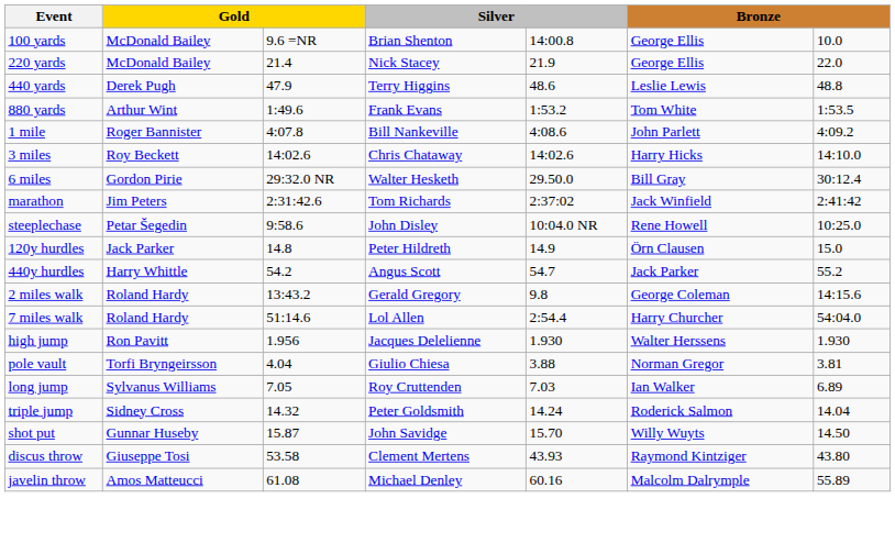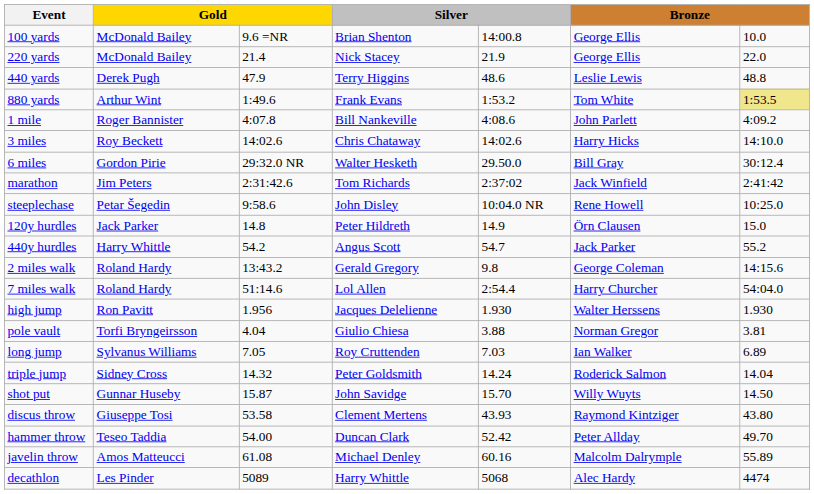 <table class="wikitable" style="text-align:left">
 <tr>
 <th width=100>Event</th>
 <th colspan="2" width="280" style="background:gold;">Gold</th>
 <th colspan="2" width="280" style="background:silver;">Silver</th>
 <th colspan="2" width="280" style="background:#CD7F32;">Bronze</th>
 </tr>
 <tr>
 <td><a href='#'>100 yards</a></td>
 <td><a href='#'>McDonald Bailey</a></td>
 <td>9.6 =NR</td>
 <td><a href='#'>Brian Shenton</a></td>
 <td>14:00.8</td>
 <td><a href='#'>George Ellis</a></td>
 <td>10.0</td>
 </tr>
 <tr>
 <td><a href='#'>220 yards</a></td>
 <td><a href='#'>McDonald Bailey</a></td>
 <td>21.4</td>
 <td><a href='#'>Nick Stacey</a></td>
 <td>21.9</td>
 <td><a href='#'>George Ellis</a></td>
 <td>22.0</td>
 </tr>
 <tr>
 <td><a href='#'>440 yards</a></td>
 <td><a href='#'>Derek Pugh</a></td>
 <td>47.9</td>
 <td><a href='#'>Terry Higgins</a></td>
 <td>48.6</td>
 <td><a href='#'>Leslie Lewis</a></td>
 <td>48.8</td>
 </tr>
 <tr>
 <td><a href='#'>880 yards</a></td>
 <td> <a href='#'>Arthur Wint</a></td>
 <td>1:49.6</td>
 <td><a href='#'>Frank Evans</a></td>
 <td>1:53.2</td>
 <td><a href='#'>Tom White</a></td>
-<td>1:53.5</td>
+<td style="background: khaki;">1:53.5</td>
 </tr>
 <tr>
 <td><a href='#'>1 mile</a></td>
 <td><a href='#'>Roger Bannister</a></td>
 <td>4:07.8</td>
 <td><a href='#'>Bill Nankeville</a></td>
 <td>4:08.6</td>
 <td><a href='#'>John Parlett</a></td>
 <td>4:09.2</td>
 </tr>
 <tr>
 <td><a href='#'>3 miles</a></td>
 <td><a href='#'>Roy Beckett</a></td>
 <td>14:02.6</td>
 <td><a href='#'>Chris Chataway</a></td>
 <td>14:02.6</td>
 <td><a href='#'>Harry Hicks</a></td>
 <td>14:10.0</td>
 </tr>
 <tr>
 <td><a href='#'>6 miles</a></td>
 <td><a href='#'>Gordon Pirie</a></td>
 <td>29:32.0 NR</td>
 <td><a href='#'>Walter Hesketh</a></td>
 <td>29.50.0</td>
 <td><a href='#'>Bill Gray</a></td>
 <td>30:12.4</td>
 </tr>
 <tr>
 <td><a href='#'>marathon</a></td>
 <td><a href='#'>Jim Peters</a></td>
 <td>2:31:42.6</td>
 <td> <a href='#'>Tom Richards</a></td>
 <td>2:37:02</td>
 <td><a href='#'>Jack Winfield</a></td>
 <td>2:41:42</td>
 </tr>
 <tr>
 <td><a href='#'>steeplechase</a></td>
 <td> <a href='#'>Petar Šegedin</a></td>
 <td>9:58.6</td>
 <td> <a href='#'>John Disley</a></td>
 <td>10:04.0 NR</td>
 <td><a href='#'>Rene Howell</a></td>
 <td>10:25.0</td>
 </tr>
 <tr>
 <td><a href='#'>120y hurdles</a></td>
 <td><a href='#'>Jack Parker</a></td>
 <td>14.8</td>
 <td><a href='#'>Peter Hildreth</a></td>
 <td>14.9</td>
 <td> <a href='#'>Örn Clausen</a></td>
 <td>15.0</td>
 </tr>
 <tr>
 <td><a href='#'>440y hurdles</a></td>
 <td><a href='#'>Harry Whittle</a></td>
 <td>54.2</td>
 <td><a href='#'>Angus Scott</a></td>
 <td>54.7</td>
 <td><a href='#'>Jack Parker</a></td>
 <td>55.2</td>
 </tr>
 <tr>
 <td><a href='#'>2 miles walk</a></td>
 <td><a href='#'>Roland Hardy</a></td>
 <td>13:43.2</td>
 <td><a href='#'>Gerald Gregory</a></td>
 <td>9.8</td>
 <td><a href='#'>George Coleman</a></td>
 <td>14:15.6</td>
 </tr>
 <tr>
 <td><a href='#'>7 miles walk</a></td>
 <td><a href='#'>Roland Hardy</a></td>
 <td>51:14.6</td>
 <td><a href='#'>Lol Allen</a></td>
 <td>2:54.4</td>
 <td><a href='#'>Harry Churcher</a></td>
 <td>54:04.0</td>
 </tr>
 <tr>
 <td><a href='#'>high jump</a></td>
 <td><a href='#'>Ron Pavitt</a></td>
 <td>1.956</td>
 <td> <a href='#'>Jacques Delelienne</a></td>
 <td>1.930</td>
 <td> <a href='#'>Walter Herssens</a></td>
 <td>1.930</td>
 </tr>
 <tr>
 <td><a href='#'>pole vault</a></td>
 <td> <a href='#'>Torfi Bryngeirsson</a></td>
 <td>4.04</td>
 <td> <a href='#'>Giulio Chiesa</a></td>
 <td>3.88</td>
 <td> <a href='#'>Norman Gregor</a></td>
 <td>3.81</td>
 </tr>
 <tr>
 <td><a href='#'>long jump</a></td>
 <td> <a href='#'>Sylvanus Williams</a></td>
 <td>7.05</td>
 <td><a href='#'>Roy Cruttenden</a></td>
 <td>7.03</td>
 <td><a href='#'>Ian Walker</a></td>
 <td>6.89</td>
 </tr>
 <tr>
 <td><a href='#'>triple jump</a></td>
 <td><a href='#'>Sidney Cross</a></td>
 <td>14.32</td>
 <td><a href='#'>Peter Goldsmith</a></td>
 <td>14.24</td>
 <td> <a href='#'>Roderick Salmon</a></td>
 <td>14.04</td>
 </tr>
 <tr>
 <td><a href='#'>shot put</a></td>
 <td> <a href='#'>Gunnar Huseby</a></td>
 <td>15.87</td>
 <td><a href='#'>John Savidge</a></td>
 <td>15.70</td>
 <td> <a href='#'>Willy Wuyts</a></td>
 <td>14.50</td>
 </tr>
 <tr>
 <td><a href='#'>discus throw</a></td>
 <td> <a href='#'>Giuseppe Tosi</a></td>
 <td>53.58</td>
 <td> <a href='#'>Clement Mertens</a></td>
 <td>43.93</td>
 <td> <a href='#'>Raymond Kintziger</a></td>
 <td>43.80</td>
 </tr>
 <tr>
+<td><a href='#'>hammer throw</a></td>
+<td> <a href='#'>Teseo Taddia</a></td>
+<td>54.00</td>
+<td> <a href='#'>Duncan Clark</a></td>
+<td>52.42</td>
+<td><a href='#'>Peter Allday</a></td>
+<td>49.70</td>
+</tr>
+<tr>
 <td><a href='#'>javelin throw</a></td>
 <td> <a href='#'>Amos Matteucci</a></td>
 <td>61.08</td>
 <td><a href='#'>Michael Denley</a></td>
 <td>60.16</td>
 <td><a href='#'>Malcolm Dalrymple</a></td>
 <td>55.89</td>
 </tr>
+<tr>
+<td><a href='#'>decathlon</a></td>
+<td><a href='#'>Les Pinder</a></td>
+<td>5089</td>
+<td><a href='#'>Harry Whittle</a></td>
+<td>5068</td>
+<td><a href='#'>Alec Hardy</a></td>
+<td>4474</td>
+</tr>
 </table>
